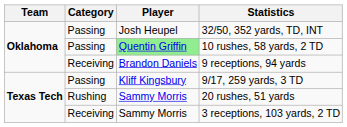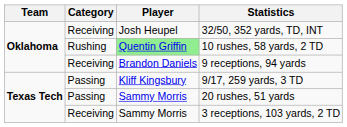 <table class="wikitable" style="float: left;">
 <tr>
 <th>Team</th>
 <th>Category</th>
 <th>Player</th>
 <th>Statistics</th>
 </tr>
 <tr>
 <td rowspan=3><strong>Oklahoma</strong></td>
-<td>Passing</td>
+<td>Receiving</td>
 <td>Josh Heupel</td>
 <td>32/50, 352 yards, TD, INT</td>
 </tr>
 <tr>
-<td>Passing</td>
+<td>Rushing</td>
 <td style="background: lightgreen;"><a href='#'>Quentin Griffin</a></td>
 <td>10 rushes, 58 yards, 2 TD</td>
 </tr>
 <tr>
 <td>Receiving</td>
 <td><a href='#'>Brandon Daniels</a></td>
 <td>9 receptions, 94 yards</td>
 </tr>
 <tr>
 <td rowspan=3><strong>Texas Tech</strong></td>
 <td>Passing</td>
 <td><a href='#'>Kliff Kingsbury</a></td>
 <td>9/17, 259 yards, 3 TD</td>
 </tr>
 <tr>
-<td>Rushing</td>
+<td>Passing</td>
 <td><a href='#'>Sammy Morris</a></td>
 <td>20 rushes, 51 yards</td>
 </tr>
 <tr>
 <td>Receiving</td>
 <td>Sammy Morris</td>
 <td>3 receptions, 103 yards, 2 TD</td>
 </tr>
 </table>
